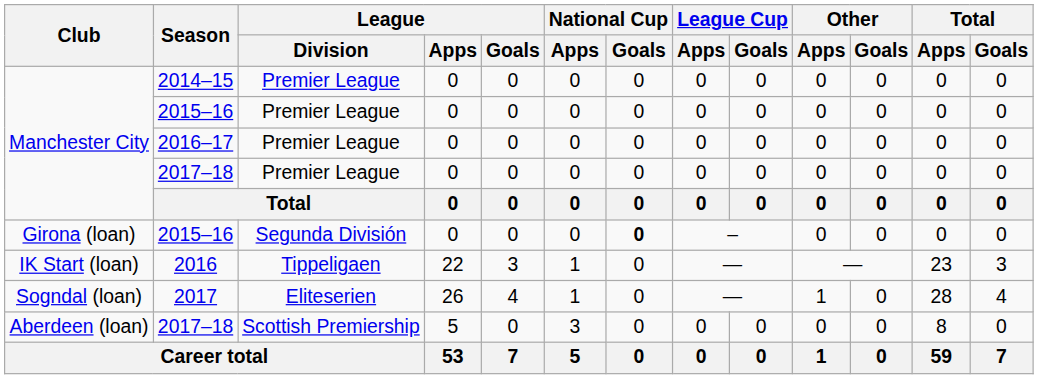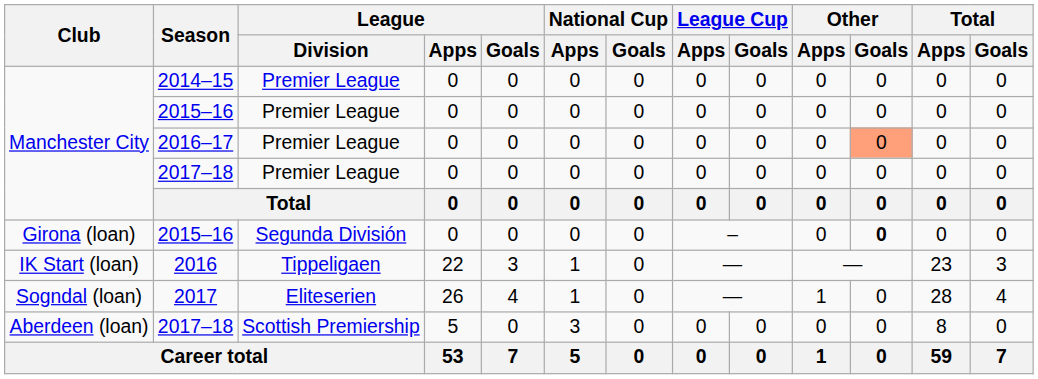 <table class="wikitable" style="text-align:center">
 <tr>
 <th rowspan="2">Club</th>
 <th rowspan="2">Season</th>
 <th colspan="3">League</th>
 <th colspan="2">National Cup</th>
 <th colspan="2"><a href='#'>League Cup</a></th>
 <th colspan="2">Other</th>
 <th colspan="2">Total</th>
 </tr>
 <tr>
 <th>Division</th>
 <th>Apps</th>
 <th>Goals</th>
 <th>Apps</th>
 <th>Goals</th>
 <th>Apps</th>
 <th>Goals</th>
 <th>Apps</th>
 <th>Goals</th>
 <th>Apps</th>
 <th>Goals</th>
 </tr>
 <tr>
 <td rowspan="5"><a href='#'>Manchester City</a></td>
 <td><a href='#'>2014–15</a></td>
 <td><a href='#'>Premier League</a></td>
 <td>0</td>
 <td>0</td>
 <td>0</td>
 <td>0</td>
 <td>0</td>
 <td>0</td>
 <td>0</td>
 <td>0</td>
 <td>0</td>
 <td>0</td>
 </tr>
 <tr>
 <td><a href='#'>2015–16</a></td>
 <td>Premier League</td>
 <td>0</td>
 <td>0</td>
 <td>0</td>
 <td>0</td>
 <td>0</td>
 <td>0</td>
 <td>0</td>
 <td>0</td>
 <td>0</td>
 <td>0</td>
 </tr>
 <tr>
 <td><a href='#'>2016–17</a></td>
 <td>Premier League</td>
 <td>0</td>
 <td>0</td>
 <td>0</td>
 <td>0</td>
 <td>0</td>
 <td>0</td>
 <td>0</td>
-<td>0</td>
+<td style="background: lightsalmon;">0</td>
 <td>0</td>
 <td>0</td>
 </tr>
 <tr>
 <td><a href='#'>2017–18</a></td>
 <td>Premier League</td>
 <td>0</td>
 <td>0</td>
 <td>0</td>
 <td>0</td>
 <td>0</td>
 <td>0</td>
 <td>0</td>
 <td>0</td>
 <td>0</td>
 <td>0</td>
 </tr>
 <tr>
 <th colspan=2>Total</th>
 <th>0</th>
 <th>0</th>
 <th>0</th>
 <th>0</th>
 <th>0</th>
 <th>0</th>
 <th>0</th>
 <th>0</th>
 <th>0</th>
 <th>0</th>
 </tr>
 <tr>
 <td><a href='#'>Girona</a> (loan)</td>
 <td><a href='#'>2015–16</a></td>
 <td><a href='#'>Segunda División</a></td>
 <td>0</td>
 <td>0</td>
 <td>0</td>
-<td><strong>0</strong></td>
+<td>0</td>
 <td colspan=2>–</td>
 <td>0</td>
-<td>0</td>
+<td><strong>0</strong></td>
 <td>0</td>
 <td>0</td>
 </tr>
 <tr>
 <td><a href='#'>IK Start</a> (loan)</td>
 <td><a href='#'>2016</a></td>
 <td><a href='#'>Tippeligaen</a></td>
 <td>22</td>
 <td>3</td>
 <td>1</td>
 <td>0</td>
 <td colspan="2">—</td>
 <td colspan="2">—</td>
 <td>23</td>
 <td>3</td>
 </tr>
 <tr>
 <td><a href='#'>Sogndal</a> (loan)</td>
 <td><a href='#'>2017</a></td>
 <td><a href='#'>Eliteserien</a></td>
 <td>26</td>
 <td>4</td>
 <td>1</td>
 <td>0</td>
 <td colspan="2">—</td>
 <td>1</td>
 <td>0</td>
 <td>28</td>
 <td>4</td>
 </tr>
 <tr>
 <td><a href='#'>Aberdeen</a> (loan)</td>
 <td><a href='#'>2017–18</a></td>
 <td><a href='#'>Scottish Premiership</a></td>
 <td>5</td>
 <td>0</td>
 <td>3</td>
 <td>0</td>
 <td>0</td>
 <td>0</td>
 <td>0</td>
 <td>0</td>
 <td>8</td>
 <td>0</td>
 </tr>
 <tr>
 <th colspan="3">Career total</th>
 <th>53</th>
 <th>7</th>
 <th>5</th>
 <th>0</th>
 <th>0</th>
 <th>0</th>
 <th>1</th>
 <th>0</th>
 <th>59</th>
 <th>7</th>
 </tr>
 </table>
